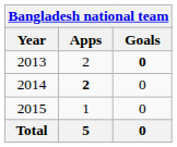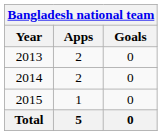 <table class=wikitable style=text-align:center>
 <tr>
 <th colspan=3><a href='#'>Bangladesh national team</a></th>
 </tr>
 <tr>
 <th>Year</th>
 <th>Apps</th>
 <th>Goals</th>
 </tr>
 <tr>
 <td>2013</td>
 <td>2</td>
-<td><strong>0</strong></td>
+<td>0</td>
 </tr>
 <tr>
 <td>2014</td>
-<td><strong>2</strong></td>
+<td>2</td>
 <td>0</td>
 </tr>
 <tr>
 <td>2015</td>
 <td>1</td>
 <td>0</td>
 </tr>
 <tr>
 <th colspan=1>Total</th>
 <th>5</th>
 <th>0</th>
 </tr>
 </table>
